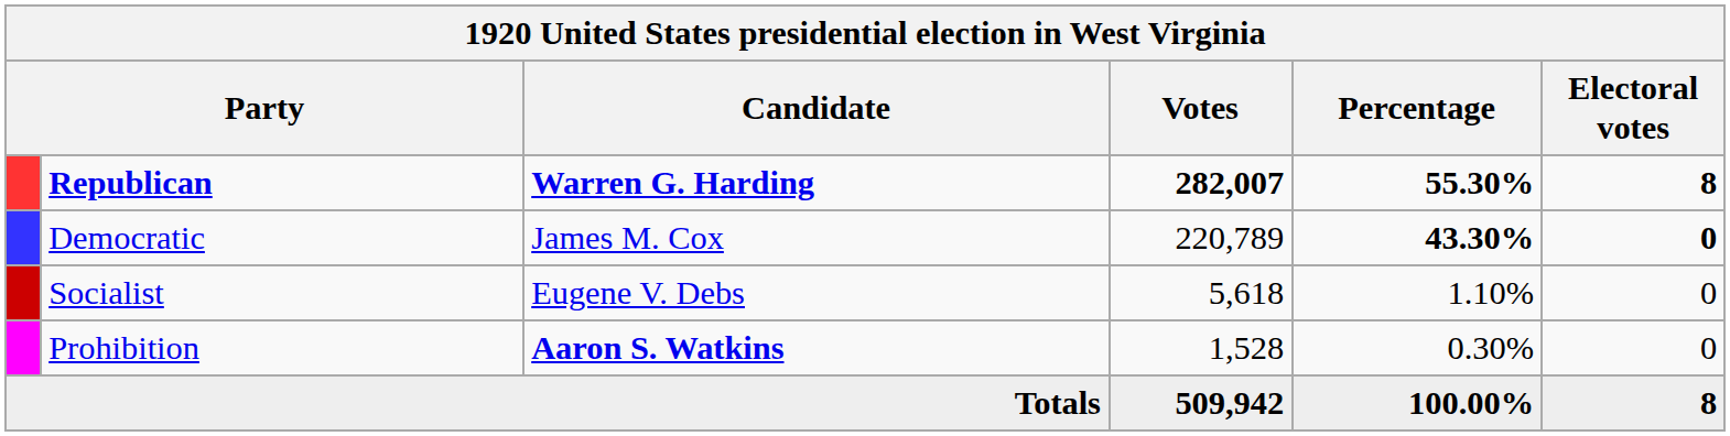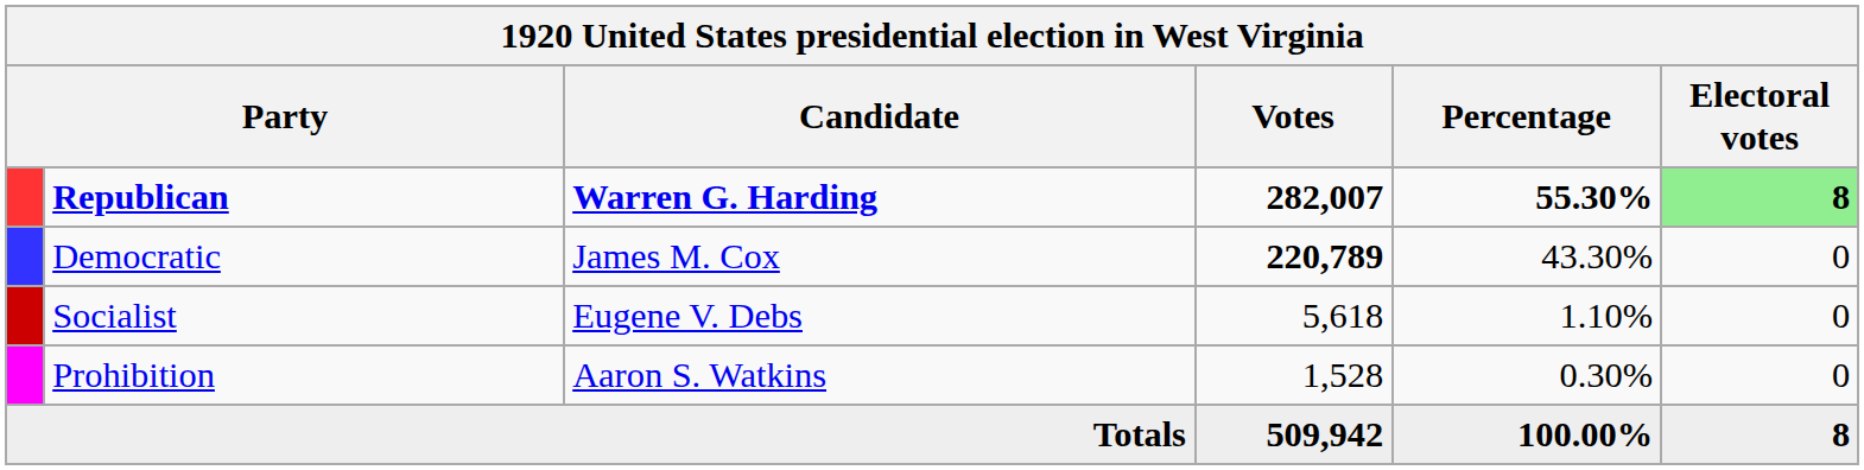 <table class="wikitable" style="font-size: 95%;">
 <tr>
 <th colspan="6">1920 United States presidential election in West Virginia</th>
 </tr>
 <tr>
 <th colspan="2" style="width: 15em">Party</th>
 <th style="width: 17em">Candidate</th>
 <th style="width: 5em">Votes</th>
 <th style="width: 7em">Percentage</th>
 <th style="width: 5em">Electoral votes</th>
 </tr>
 <tr>
 <th style="background-color:#FF3333; width: 3px"></th>
 <td style="width: 130px"><strong><a href='#'>Republican</a></strong></td>
 <td><strong><a href='#'>Warren G. Harding</a></strong></td>
 <td align="right"><strong>282,007</strong></td>
 <td align="right"><strong>55.30%</strong></td>
-<td align="right"><strong>8</strong></td>
+<td align="right" style="background: lightgreen;"><strong>8</strong></td>
 </tr>
 <tr>
 <th style="background-color:#3333FF; width: 3px"></th>
 <td style="width: 130px"><a href='#'>Democratic</a></td>
 <td><a href='#'>James M. Cox</a></td>
-<td align="right">220,789</td>
-<td align="right"><strong>43.30%</strong></td>
-<td align="right"><strong>0</strong></td>
+<td align="right"><strong>220,789</strong></td>
+<td align="right">43.30%</td>
+<td align="right">0</td>
 </tr>
 <tr>
 <th style="background-color:#CC0000; width: 3px"></th>
 <td style="width: 130px"><a href='#'>Socialist</a></td>
 <td><a href='#'>Eugene V. Debs</a></td>
 <td align="right">5,618</td>
 <td align="right">1.10%</td>
 <td align="right">0</td>
 </tr>
 <tr>
 <th style="background-color:#FF00FF; width: 3px"></th>
 <td style="width: 130px"><a href='#'>Prohibition</a></td>
-<td><strong><a href='#'>Aaron S. Watkins</a></strong></td>
+<td><a href='#'>Aaron S. Watkins</a></td>
 <td align="right">1,528</td>
 <td align="right">0.30%</td>
 <td align="right">0</td>
 </tr>
 <tr>
 </tr>
 <tr bgcolor="#EEEEEE">
 <td colspan="3" align="right"><strong>Totals</strong></td>
 <td align="right"><strong>509,942</strong></td>
 <td align="right"><strong>100.00%</strong></td>
 <td align="right"><strong>8</strong></td>
 </tr>
 <tr bgcolor="#EEEEEE">
 </tr>
 </table>
